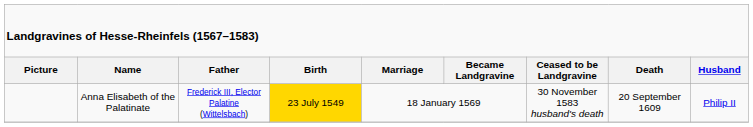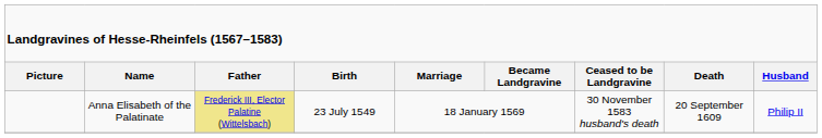 <table width=95% class="wikitable">
 <tr>
 <td colspan="9"><br><h3>Landgravines of Hesse-Rheinfels (1567–1583)</h3></td>
 </tr>
 <tr>
 <th width = "8%">Picture</th>
 <th width = "11%">Name</th>
 <th width = "10%">Father</th>
 <th width = "10%">Birth</th>
 <th width = "9%">Marriage</th>
 <th width = "9%">Became Landgravine</th>
 <th width = "9%">Ceased to be Landgravine</th>
 <th width = "9%">Death</th>
 <th width = "6%"><a href='#'>Husband</a></th>
 </tr>
 <tr>
 <td align="center"></td>
 <td align="center">Anna Elisabeth of the Palatinate</td>
-<td align="center"><small><a href='#'>Frederick III, Elector Palatine</a><br>(<a href='#'>Wittelsbach</a>)</small></td>
-<td align="center" style="background: gold;">23 July 1549</td>
+<td align="center" style="background: khaki;"><small><a href='#'>Frederick III, Elector Palatine</a><br>(<a href='#'>Wittelsbach</a>)</small></td>
+<td align="center">23 July 1549</td>
 <td align="center" colspan="2">18 January 1569</td>
 <td align="center">30 November 1583<br><em>husband's death</em></td>
 <td align="center">20 September 1609</td>
 <td align="center"><a href='#'>Philip II</a></td>
 </tr>
 <tr>
 </tr>
 </table>
